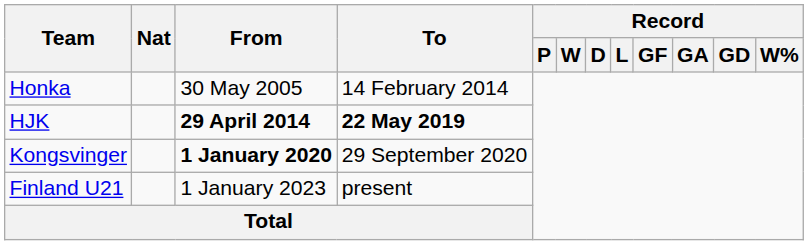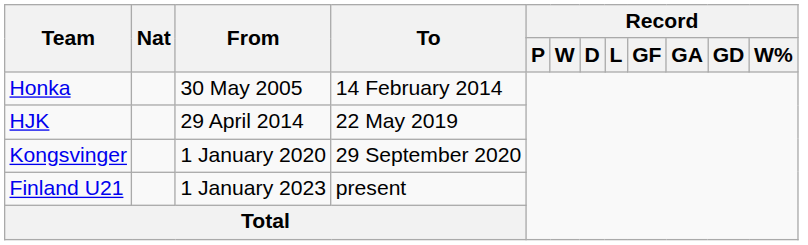 <table class=wikitable style="text-align: center">
 <tr>
 <th rowspan=2>Team</th>
 <th rowspan=2>Nat</th>
 <th rowspan=2>From</th>
 <th rowspan=2>To</th>
 <th colspan=8>Record</th>
 </tr>
 <tr>
 <th>P</th>
 <th>W</th>
 <th>D</th>
 <th>L</th>
 <th>GF</th>
 <th>GA</th>
 <th>GD</th>
 <th>W%</th>
 </tr>
 <tr>
 <td align=left><a href='#'>Honka</a></td>
 <td></td>
 <td align=left>30 May 2005</td>
 <td align=left>14 February 2014<br></td>
 </tr>
 <tr>
 <td align=left><a href='#'>HJK</a></td>
 <td></td>
-<td align=left><strong>29 April 2014</strong></td>
-<td align=left><strong>22 May 2019<br></strong></td>
+<td align=left>29 April 2014</td>
+<td align=left>22 May 2019<br></td>
 </tr>
 <tr>
 <td align=left><a href='#'>Kongsvinger</a></td>
 <td></td>
-<td align=left><strong>1 January 2020</strong></td>
+<td align=left>1 January 2020</td>
 <td align=left>29 September 2020<br></td>
 </tr>
 <tr>
 <td align=left><a href='#'>Finland U21</a></td>
 <td></td>
 <td align=left>1 January 2023</td>
 <td align=left>present<br></td>
 </tr>
 <tr>
 <th colspan="4">Total<br></th>
 </tr>
 </table>
